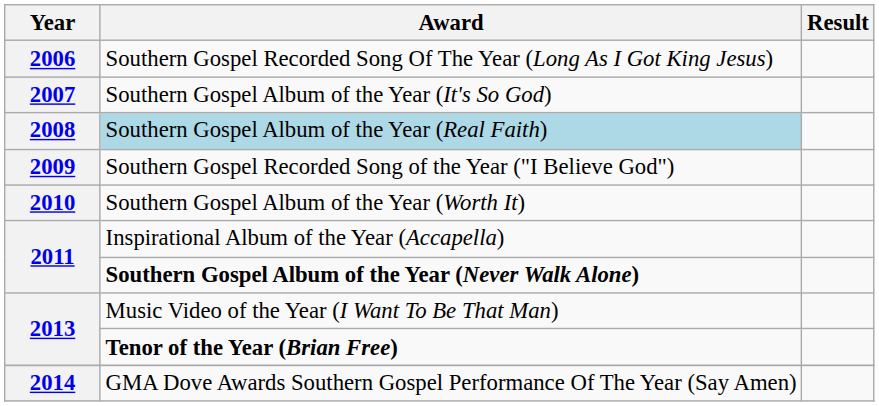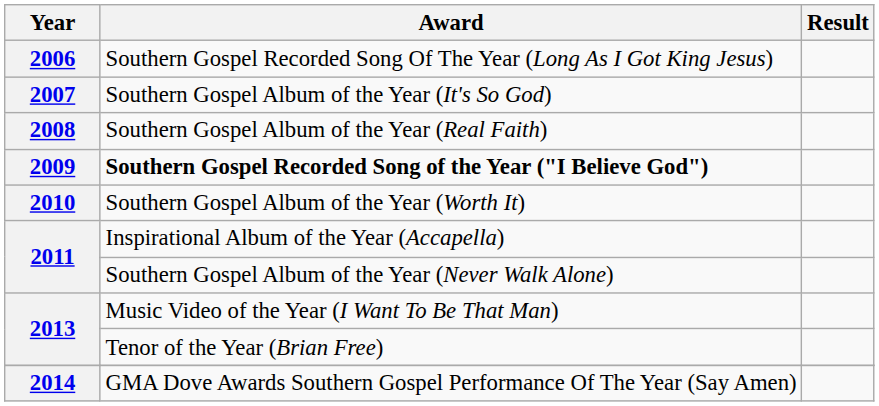 <table class="wikitable">
 <tr>
 <th width="60px">Year</th>
 <th>Award</th>
 <th>Result</th>
 </tr>
 <tr>
 <th><a href='#'>2006</a></th>
 <td>Southern Gospel Recorded Song Of The Year (<em>Long As I Got King Jesus</em>)</td>
 <td></td>
 </tr>
 <tr>
 <th><a href='#'>2007</a></th>
 <td>Southern Gospel Album of the Year (<em>It's So God</em>)</td>
 <td></td>
 </tr>
 <tr>
 <th><a href='#'>2008</a></th>
-<td style="background: lightblue;">Southern Gospel Album of the Year (<em>Real Faith</em>)</td>
+<td>Southern Gospel Album of the Year (<em>Real Faith</em>)</td>
 <td></td>
 </tr>
 <tr>
 <th><a href='#'>2009</a></th>
-<td>Southern Gospel Recorded Song of the Year ("I Believe God")</td>
+<td><strong>Southern Gospel Recorded Song of the Year ("I Believe God")</strong></td>
 <td></td>
 </tr>
 <tr>
 <th><a href='#'>2010</a></th>
 <td>Southern Gospel Album of the Year (<em>Worth It</em>)</td>
 <td></td>
 </tr>
 <tr>
 <th rowspan="2"><a href='#'>2011</a></th>
 <td>Inspirational Album of the Year (<em>Accapella</em>)</td>
 <td></td>
 </tr>
 <tr>
-<td><strong>Southern Gospel Album of the Year (<em>Never Walk Alone</em>)</strong></td>
+<td>Southern Gospel Album of the Year (<em>Never Walk Alone</em>)</td>
 <td></td>
 </tr>
 <tr>
 <th rowspan="2"><a href='#'>2013</a></th>
 <td>Music Video of the Year (<em>I Want To Be That Man</em>)</td>
 <td></td>
 </tr>
 <tr>
-<td><strong>Tenor of the Year (<em>Brian Free</em>)</strong></td>
+<td>Tenor of the Year (<em>Brian Free</em>)</td>
 <td></td>
 </tr>
 <tr>
 </tr>
 <tr>
 <th><a href='#'>2014</a></th>
 <td>GMA Dove Awards Southern Gospel Performance Of The Year (Say Amen)</td>
 <td></td>
 </tr>
 </table>
